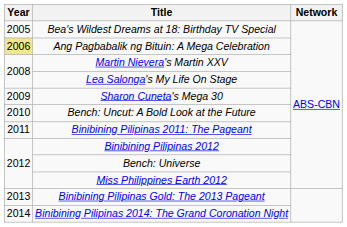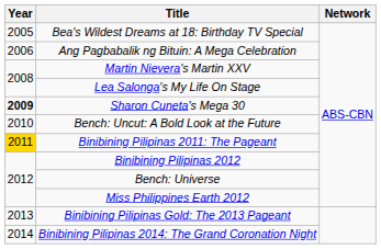 <table class="wikitable sortable">
 <tr>
 <th>Year</th>
 <th>Title</th>
 <th>Network</th>
 </tr>
 <tr align="center">
 <td>2005</td>
 <td><em>Bea's Wildest Dreams at 18: Birthday TV Special</em></td>
 <td rowspan="10"><a href='#'>ABS-CBN</a></td>
 </tr>
 <tr align="center">
-<td style="background: khaki;">2006</td>
+<td>2006</td>
 <td><em>Ang Pagbabalik ng Bituin: A Mega Celebration</em></td>
 </tr>
 <tr align=center>
 <td rowspan=2>2008</td>
 <td><em><a href='#'>Martin Nievera</a>'s Martin XXV</em></td>
 </tr>
 <tr align=center>
 <td><em><a href='#'>Lea Salonga</a>'s My Life On Stage</em></td>
 </tr>
 <tr align=center>
-<td>2009</td>
+<td><strong>2009</strong></td>
 <td><em><a href='#'>Sharon Cuneta</a>'s Mega 30</em></td>
 </tr>
 <tr align="center">
 <td>2010</td>
 <td><em>Bench: Uncut: A Bold Look at the Future</em></td>
 </tr>
 <tr align="center">
-<td>2011</td>
+<td style="background: gold;">2011</td>
 <td><a href='#'><em>Binibining Pilipinas 2011: The Pageant</em></a></td>
 </tr>
 <tr align="center">
 <td rowspan=3>2012</td>
 <td><em><a href='#'>Binibining Pilipinas 2012</a></em></td>
 </tr>
 <tr align="center">
 <td><em>Bench: Universe</em></td>
 </tr>
 <tr align="center">
 <td><em><a href='#'>Miss Philippines Earth 2012</a></em></td>
 </tr>
 <tr align="center">
 <td>2013</td>
 <td><a href='#'><em>Binibining Pilipinas Gold: The 2013 Pageant</em></a></td>
 </tr>
 <tr align="center">
 <td>2014</td>
 <td><a href='#'><em>Binibining Pilipinas 2014: The Grand Coronation Night</em></a></td>
 </tr>
 </table>
